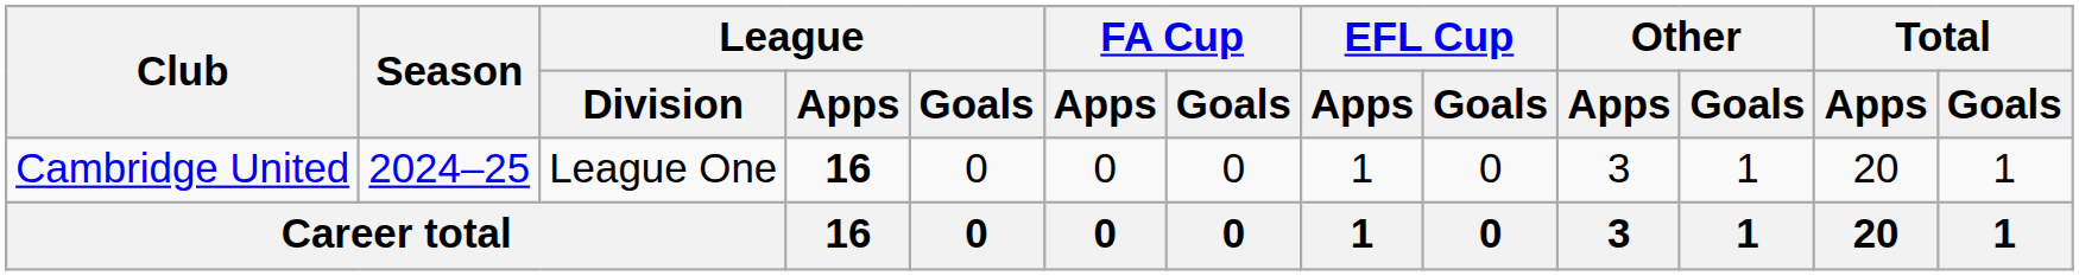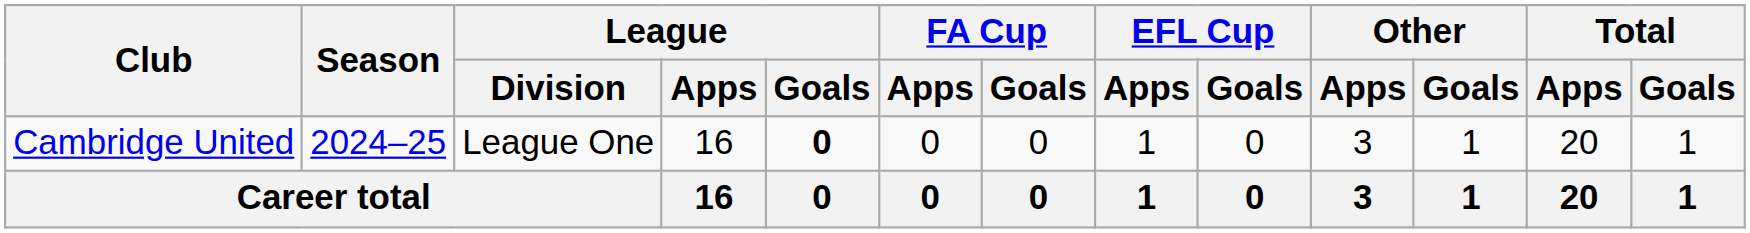 <table class=wikitable style=text-align:center>
 <tr>
 <th rowspan=2>Club</th>
 <th rowspan=2>Season</th>
 <th colspan=3>League</th>
 <th colspan=2><a href='#'>FA Cup</a></th>
 <th colspan=2><a href='#'>EFL Cup</a></th>
 <th colspan=2>Other</th>
 <th colspan=2>Total</th>
 </tr>
 <tr>
 <th>Division</th>
 <th>Apps</th>
 <th>Goals</th>
 <th>Apps</th>
 <th>Goals</th>
 <th>Apps</th>
 <th>Goals</th>
 <th>Apps</th>
 <th>Goals</th>
 <th>Apps</th>
 <th>Goals</th>
 </tr>
 <tr>
 <td><a href='#'>Cambridge United</a></td>
 <td><a href='#'>2024–25</a></td>
 <td>League One</td>
-<td><strong>16</strong></td>
-<td>0</td>
+<td>16</td>
+<td><strong>0</strong></td>
 <td>0</td>
 <td>0</td>
 <td>1</td>
 <td>0</td>
 <td>3</td>
 <td>1</td>
 <td>20</td>
 <td>1</td>
 </tr>
 <tr>
 <th colspan=3>Career total</th>
 <th>16</th>
 <th>0</th>
 <th>0</th>
 <th>0</th>
 <th>1</th>
 <th>0</th>
 <th>3</th>
 <th>1</th>
 <th>20</th>
 <th>1</th>
 </tr>
 </table>
